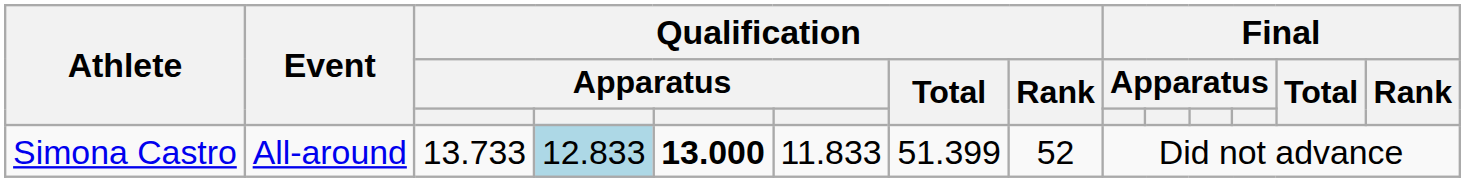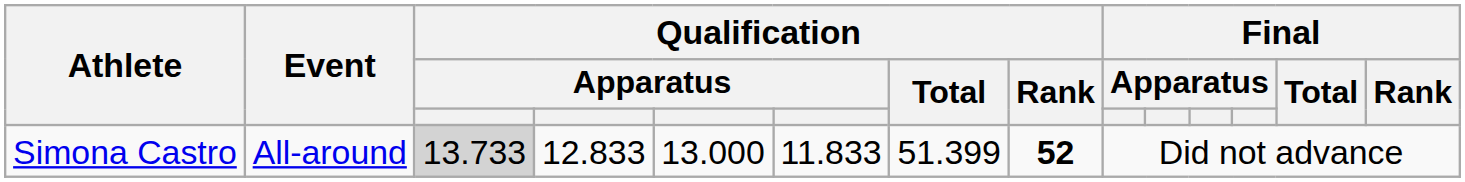 <table class="wikitable" style="font-size:90%">
 <tr>
 <th rowspan=3>Athlete</th>
 <th rowspan=3>Event</th>
 <th colspan=6>Qualification</th>
 <th colspan=6>Final</th>
 </tr>
 <tr style="font-size:95%">
 <th colspan=4>Apparatus</th>
 <th rowspan=2>Total</th>
 <th rowspan=2>Rank</th>
 <th colspan=4>Apparatus</th>
 <th rowspan=2>Total</th>
 <th rowspan=2>Rank</th>
 </tr>
 <tr style="font-size:95%">
 <th></th>
 <th></th>
 <th></th>
 <th></th>
 <th></th>
 <th></th>
 <th></th>
 <th></th>
 </tr>
 <tr align=center>
 <td align=left><a href='#'>Simona Castro</a></td>
 <td align=left><a href='#'>All-around</a></td>
-<td>13.733</td>
-<td style="background: lightblue;">12.833</td>
-<td><strong>13.000</strong></td>
+<td style="background: lightgrey;">13.733</td>
+<td>12.833</td>
+<td>13.000</td>
 <td>11.833</td>
 <td>51.399</td>
-<td>52</td>
+<td><strong>52</strong></td>
 <td colspan=6>Did not advance</td>
 </tr>
 </table>
